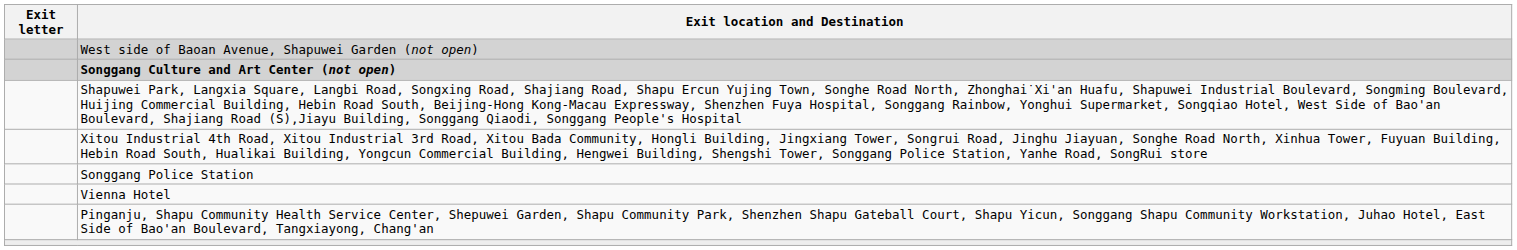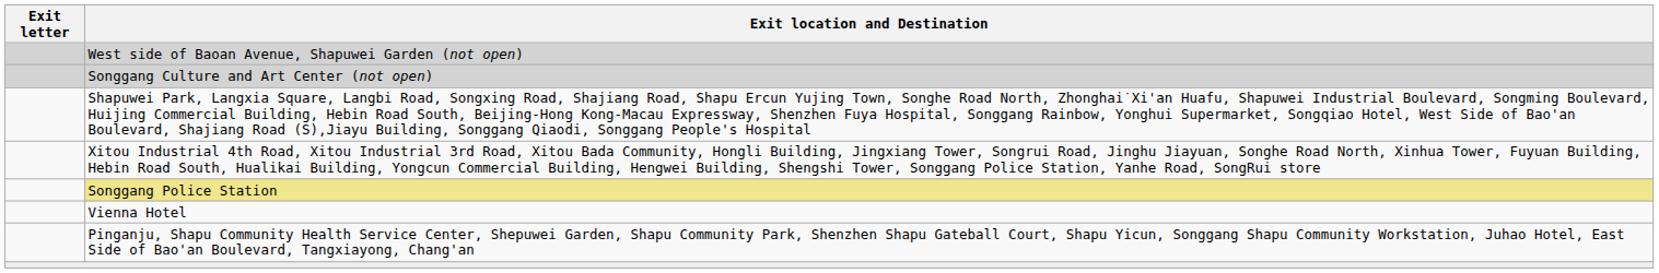 <table class="wikitable">
 <tr>
 <th style="width:70px">Exit letter</th>
 <th>Exit location and Destination</th>
 </tr>
 <tr bgcolor=lightgrey>
 <td align="center"></td>
 <td>West side of Baoan Avenue, Shapuwei Garden (<em>not open</em>)</td>
 </tr>
 <tr bgcolor=lightgrey>
 <td align="center"></td>
-<td><strong>Songgang Culture and Art Center (<em>not open</em>)</strong></td>
+<td>Songgang Culture and Art Center (<em>not open</em>)</td>
 </tr>
 <tr>
 <td align="center"></td>
 <td>Shapuwei Park, Langxia Square, Langbi Road, Songxing Road, Shajiang Road, Shapu Ercun Yujing Town, Songhe Road North, Zhonghai˙Xi'an Huafu, Shapuwei Industrial Boulevard, Songming Boulevard, Huijing Commercial Building, Hebin Road South, Beijing-Hong Kong-Macau Expressway, Shenzhen Fuya Hospital, Songgang Rainbow, Yonghui Supermarket, Songqiao Hotel, West Side of Bao'an Boulevard, Shajiang Road (S),Jiayu Building, Songgang Qiaodi, Songgang People's Hospital</td>
 </tr>
 <tr>
 <td align="center"></td>
 <td>Xitou Industrial 4th Road, Xitou Industrial 3rd Road, Xitou Bada Community, Hongli Building, Jingxiang Tower, Songrui Road, Jinghu Jiayuan, Songhe Road North, Xinhua Tower, Fuyuan Building, Hebin Road South, Hualikai Building, Yongcun Commercial Building, Hengwei Building, Shengshi Tower, Songgang Police Station, Yanhe Road, SongRui store</td>
 </tr>
 <tr>
 <td align="center"></td>
-<td>Songgang Police Station</td>
+<td style="background: khaki;">Songgang Police Station</td>
 </tr>
 <tr>
 <td align="center"></td>
 <td>Vienna Hotel</td>
 </tr>
 <tr>
 <td align="center"></td>
 <td>Pinganju, Shapu Community Health Service Center, Shepuwei Garden, Shapu Community Park, Shenzhen Shapu Gateball Court, Shapu Yicun, Songgang Shapu Community Workstation, Juhao Hotel, East Side of Bao'an Boulevard, Tangxiayong, Chang'an</td>
 </tr>
 <tr>
 <td colspan="3" bgcolor="#EEEEEE"></td>
 </tr>
 </table>
